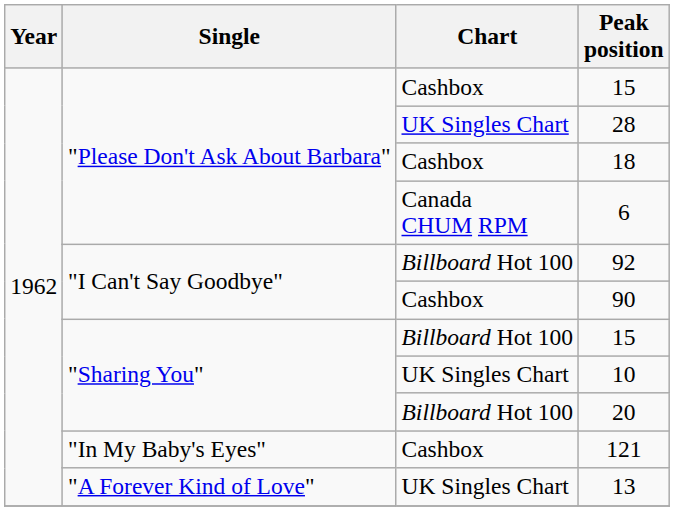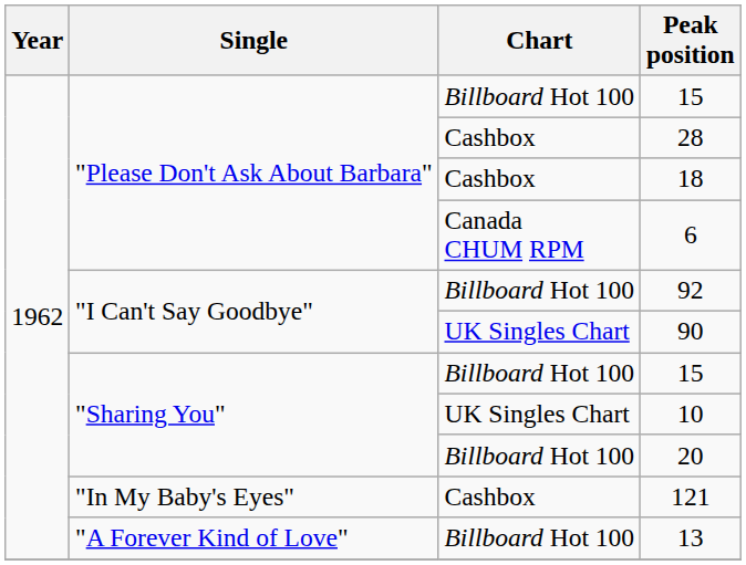 <table class="wikitable">
 <tr>
 <th>Year</th>
 <th>Single</th>
 <th>Chart</th>
 <th>Peak<br>position</th>
 </tr>
 <tr>
 <td rowspan="11">1962</td>
 <td rowspan="4">"<a href='#'>Please Don't Ask About Barbara</a>"</td>
-<td>Cashbox</td>
+<td><em>Billboard</em> Hot 100</td>
 <td align="center">15</td>
 </tr>
 <tr>
-<td><a href='#'>UK Singles Chart</a></td>
+<td>Cashbox</td>
 <td align="center">28</td>
 </tr>
 <tr>
 <td>Cashbox</td>
 <td align="center">18</td>
 </tr>
 <tr>
 <td>Canada<br><a href='#'>CHUM</a>  <a href='#'>RPM</a></td>
 <td align="center">6</td>
 </tr>
 <tr>
 <td rowspan="2">"I Can't Say Goodbye"</td>
 <td><em>Billboard</em> Hot 100</td>
 <td align="center">92</td>
 </tr>
 <tr>
-<td>Cashbox</td>
+<td><a href='#'>UK Singles Chart</a></td>
 <td align="center">90</td>
 </tr>
 <tr>
 <td rowspan="3">"<a href='#'>Sharing You</a>"</td>
 <td><em>Billboard</em> Hot 100</td>
 <td align="center">15</td>
 </tr>
 <tr>
 <td>UK Singles Chart</td>
 <td align="center">10</td>
 </tr>
 <tr>
 <td><em>Billboard</em> Hot 100</td>
 <td align="center">20</td>
 </tr>
 <tr>
 <td>"In My Baby's Eyes"</td>
 <td>Cashbox</td>
 <td align="center">121</td>
 </tr>
 <tr>
 <td>"<a href='#'>A Forever Kind of Love</a>"</td>
-<td>UK Singles Chart</td>
+<td><em>Billboard</em> Hot 100</td>
 <td align="center">13</td>
 </tr>
 <tr>
 </tr>
 </table>
